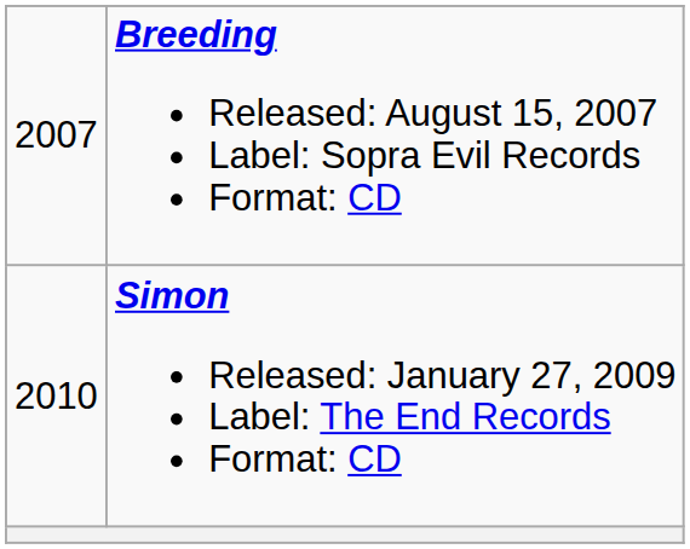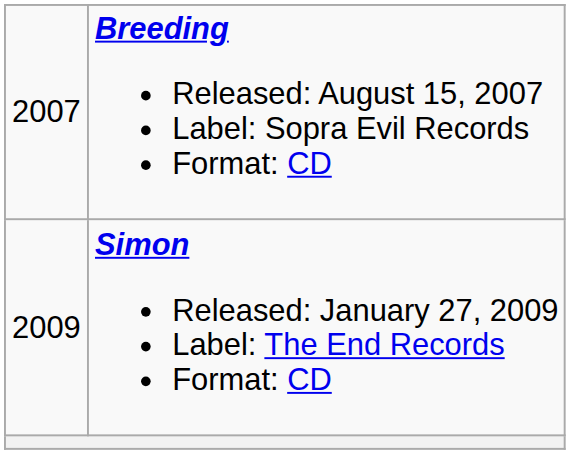 <table class="wikitable">
 <tr>
 <td>2007</td>
 <td><strong><em><a href='#'>Breeding</a></em></strong><br><ul><li>Released: August 15, 2007</li><li>Label: Sopra Evil Records</li><li>Format: <a href='#'>CD</a></li></ul></td>
 </tr>
 <tr>
-<td>2010</td>
+<td>2009</td>
 <td><strong><em><a href='#'>Simon</a></em></strong><br><ul><li>Released: January 27, 2009</li><li>Label: <a href='#'>The End Records</a></li><li>Format: <a href='#'>CD</a></li></ul></td>
 </tr>
 <tr>
 <th colspan="3"></th>
 </tr>
 </table>
